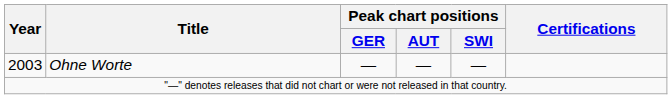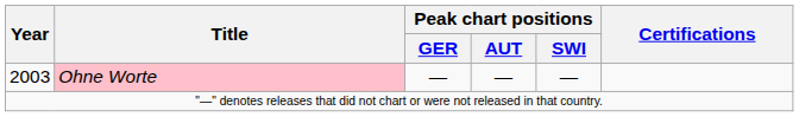 <table class="wikitable">
 <tr>
 <th rowspan="2">Year</th>
 <th width="300" rowspan="2">Title</th>
 <th colspan="3">Peak chart positions</th>
 <th width="160" rowspan="2"><a href='#'>Certifications</a></th>
 </tr>
 <tr>
 <th width="50"><a href='#'>GER</a></th>
 <th width="50"><a href='#'>AUT</a></th>
 <th width="50"><a href='#'>SWI</a></th>
 </tr>
 <tr>
 <td>2003</td>
-<td><em>Ohne Worte</em></td>
+<td style="background: pink;"><em>Ohne Worte</em></td>
 <td align="center">—</td>
 <td align="center">—</td>
 <td align="center">—</td>
 <td></td>
 </tr>
 <tr>
 <td colspan="6" style="text-align:center; font-size:8pt;">"—" denotes releases that did not chart or were not released in that country.</td>
 </tr>
 </table>
